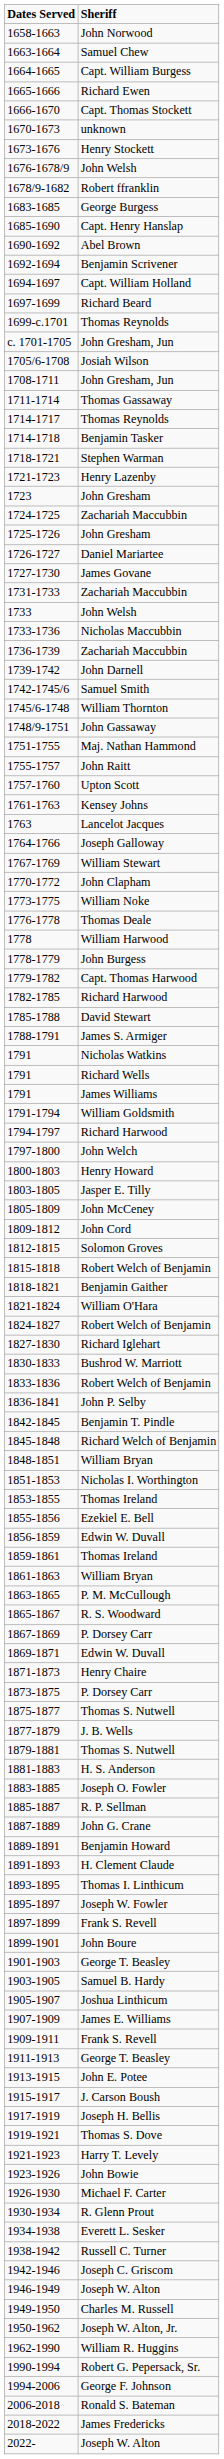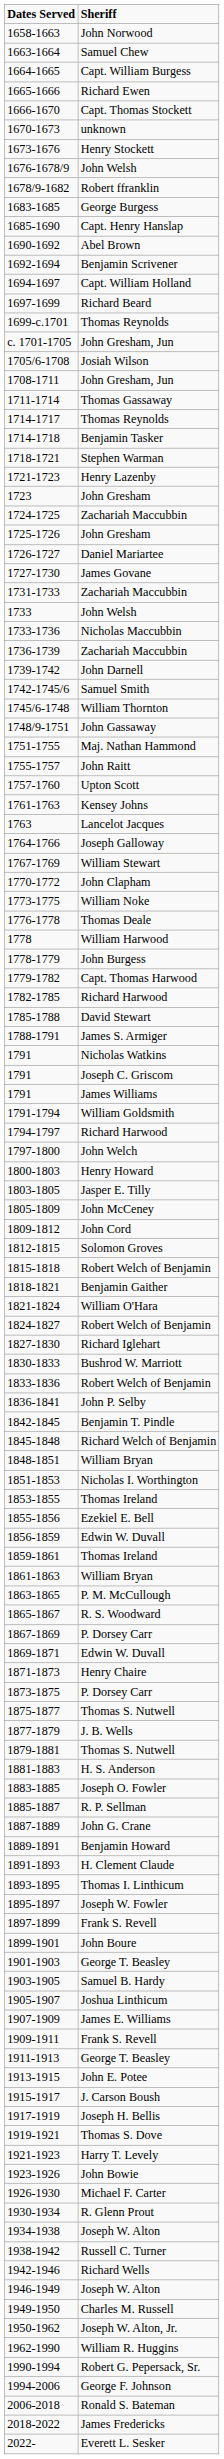 <table class="wikitable">
 <tr>
 <td><strong>Dates Served</strong></td>
 <td><strong>Sheriff</strong></td>
 </tr>
 <tr>
 <td>1658-1663</td>
 <td>John Norwood</td>
 </tr>
 <tr>
 <td>1663-1664</td>
 <td>Samuel Chew</td>
 </tr>
 <tr>
 <td>1664-1665</td>
 <td>Capt. William Burgess</td>
 </tr>
 <tr>
 <td>1665-1666</td>
 <td>Richard Ewen</td>
 </tr>
 <tr>
 <td>1666-1670</td>
 <td>Capt. Thomas Stockett</td>
 </tr>
 <tr>
 <td>1670-1673</td>
 <td>unknown</td>
 </tr>
 <tr>
 <td>1673-1676</td>
 <td>Henry Stockett</td>
 </tr>
 <tr>
 <td>1676-1678/9</td>
 <td>John Welsh</td>
 </tr>
 <tr>
 <td>1678/9-1682</td>
 <td>Robert ffranklin</td>
 </tr>
 <tr>
 <td>1683-1685</td>
 <td>George Burgess</td>
 </tr>
 <tr>
 <td>1685-1690</td>
 <td>Capt. Henry Hanslap</td>
 </tr>
 <tr>
 <td>1690-1692</td>
 <td>Abel Brown</td>
 </tr>
 <tr>
 <td>1692-1694</td>
 <td>Benjamin Scrivener</td>
 </tr>
 <tr>
 <td>1694-1697</td>
 <td>Capt. William Holland</td>
 </tr>
 <tr>
 <td>1697-1699</td>
 <td>Richard Beard</td>
 </tr>
 <tr>
 <td>1699-c.1701</td>
 <td>Thomas Reynolds</td>
 </tr>
 <tr>
 <td>c. 1701-1705</td>
 <td>John Gresham, Jun</td>
 </tr>
 <tr>
 <td>1705/6-1708</td>
 <td>Josiah Wilson</td>
 </tr>
 <tr>
 <td>1708-1711</td>
 <td>John Gresham, Jun</td>
 </tr>
 <tr>
 <td>1711-1714</td>
 <td>Thomas Gassaway</td>
 </tr>
 <tr>
 <td>1714-1717</td>
 <td>Thomas Reynolds</td>
 </tr>
 <tr>
 <td>1714-1718</td>
 <td>Benjamin Tasker</td>
 </tr>
 <tr>
 <td>1718-1721</td>
 <td>Stephen Warman</td>
 </tr>
 <tr>
 <td>1721-1723</td>
 <td>Henry Lazenby</td>
 </tr>
 <tr>
 <td>1723</td>
 <td>John Gresham</td>
 </tr>
 <tr>
 <td>1724-1725</td>
 <td>Zachariah Maccubbin</td>
 </tr>
 <tr>
 <td>1725-1726</td>
 <td>John Gresham</td>
 </tr>
 <tr>
 <td>1726-1727</td>
 <td>Daniel Mariartee</td>
 </tr>
 <tr>
 <td>1727-1730</td>
 <td>James Govane</td>
 </tr>
 <tr>
 <td>1731-1733</td>
 <td>Zachariah Maccubbin</td>
 </tr>
 <tr>
 <td>1733</td>
 <td>John Welsh</td>
 </tr>
 <tr>
 <td>1733-1736</td>
 <td>Nicholas Maccubbin</td>
 </tr>
 <tr>
 <td>1736-1739</td>
 <td>Zachariah Maccubbin</td>
 </tr>
 <tr>
 <td>1739-1742</td>
 <td>John Darnell</td>
 </tr>
 <tr>
 <td>1742-1745/6</td>
 <td>Samuel Smith</td>
 </tr>
 <tr>
 <td>1745/6-1748</td>
 <td>William Thornton</td>
 </tr>
 <tr>
 <td>1748/9-1751</td>
 <td>John Gassaway</td>
 </tr>
 <tr>
 <td>1751-1755</td>
 <td>Maj. Nathan Hammond</td>
 </tr>
 <tr>
 <td>1755-1757</td>
 <td>John Raitt</td>
 </tr>
 <tr>
 <td>1757-1760</td>
 <td>Upton Scott</td>
 </tr>
 <tr>
 <td>1761-1763</td>
 <td>Kensey Johns</td>
 </tr>
 <tr>
 <td>1763</td>
 <td>Lancelot Jacques</td>
 </tr>
 <tr>
 <td>1764-1766</td>
 <td>Joseph Galloway</td>
 </tr>
 <tr>
 <td>1767-1769</td>
 <td>William Stewart</td>
 </tr>
 <tr>
 <td>1770-1772</td>
 <td>John Clapham</td>
 </tr>
 <tr>
 <td>1773-1775</td>
 <td>William Noke</td>
 </tr>
 <tr>
 <td>1776-1778</td>
 <td>Thomas Deale</td>
 </tr>
 <tr>
 <td>1778</td>
 <td>William Harwood</td>
 </tr>
 <tr>
 <td>1778-1779</td>
 <td>John Burgess</td>
 </tr>
 <tr>
 <td>1779-1782</td>
 <td>Capt. Thomas Harwood</td>
 </tr>
 <tr>
 <td>1782-1785</td>
 <td>Richard Harwood</td>
 </tr>
 <tr>
 <td>1785-1788</td>
 <td>David Stewart</td>
 </tr>
 <tr>
 <td>1788-1791</td>
 <td>James S. Armiger</td>
 </tr>
 <tr>
 <td>1791</td>
 <td>Nicholas Watkins</td>
 </tr>
 <tr>
 <td>1791</td>
-<td>Richard Wells</td>
+<td>Joseph C. Griscom</td>
 </tr>
 <tr>
 <td>1791</td>
 <td>James Williams</td>
 </tr>
 <tr>
 <td>1791-1794</td>
 <td>William Goldsmith</td>
 </tr>
 <tr>
 <td>1794-1797</td>
 <td>Richard Harwood</td>
 </tr>
 <tr>
 <td>1797-1800</td>
 <td>John Welch</td>
 </tr>
 <tr>
 <td>1800-1803</td>
 <td>Henry Howard</td>
 </tr>
 <tr>
 <td>1803-1805</td>
 <td>Jasper E. Tilly</td>
 </tr>
 <tr>
 <td>1805-1809</td>
 <td>John McCeney</td>
 </tr>
 <tr>
 <td>1809-1812</td>
 <td>John Cord</td>
 </tr>
 <tr>
 <td>1812-1815</td>
 <td>Solomon Groves</td>
 </tr>
 <tr>
 <td>1815-1818</td>
 <td>Robert Welch of Benjamin</td>
 </tr>
 <tr>
 <td>1818-1821</td>
 <td>Benjamin Gaither</td>
 </tr>
 <tr>
 <td>1821-1824</td>
 <td>William O'Hara</td>
 </tr>
 <tr>
 <td>1824-1827</td>
 <td>Robert Welch of Benjamin</td>
 </tr>
 <tr>
 <td>1827-1830</td>
 <td>Richard Iglehart</td>
 </tr>
 <tr>
 <td>1830-1833</td>
 <td>Bushrod W. Marriott</td>
 </tr>
 <tr>
 <td>1833-1836</td>
 <td>Robert Welch of Benjamin</td>
 </tr>
 <tr>
 <td>1836-1841</td>
 <td>John P. Selby</td>
 </tr>
 <tr>
 <td>1842-1845</td>
 <td>Benjamin T. Pindle</td>
 </tr>
 <tr>
 <td>1845-1848</td>
 <td>Richard Welch of Benjamin</td>
 </tr>
 <tr>
 <td>1848-1851</td>
 <td>William Bryan</td>
 </tr>
 <tr>
 <td>1851-1853</td>
 <td>Nicholas I. Worthington</td>
 </tr>
 <tr>
 <td>1853-1855</td>
 <td>Thomas Ireland</td>
 </tr>
 <tr>
 <td>1855-1856</td>
 <td>Ezekiel E. Bell</td>
 </tr>
 <tr>
 <td>1856-1859</td>
 <td>Edwin W. Duvall</td>
 </tr>
 <tr>
 <td>1859-1861</td>
 <td>Thomas Ireland</td>
 </tr>
 <tr>
 <td>1861-1863</td>
 <td>William Bryan</td>
 </tr>
 <tr>
 <td>1863-1865</td>
 <td>P. M. McCullough</td>
 </tr>
 <tr>
 <td>1865-1867</td>
 <td>R. S. Woodward</td>
 </tr>
 <tr>
 <td>1867-1869</td>
 <td>P. Dorsey Carr</td>
 </tr>
 <tr>
 <td>1869-1871</td>
 <td>Edwin W. Duvall</td>
 </tr>
 <tr>
 <td>1871-1873</td>
 <td>Henry Chaire</td>
 </tr>
 <tr>
 <td>1873-1875</td>
 <td>P. Dorsey Carr</td>
 </tr>
 <tr>
 <td>1875-1877</td>
 <td>Thomas S. Nutwell</td>
 </tr>
 <tr>
 <td>1877-1879</td>
 <td>J. B. Wells</td>
 </tr>
 <tr>
 <td>1879-1881</td>
 <td>Thomas S. Nutwell</td>
 </tr>
 <tr>
 <td>1881-1883</td>
 <td>H. S. Anderson</td>
 </tr>
 <tr>
 <td>1883-1885</td>
 <td>Joseph O. Fowler</td>
 </tr>
 <tr>
 <td>1885-1887</td>
 <td>R. P. Sellman</td>
 </tr>
 <tr>
 <td>1887-1889</td>
 <td>John G. Crane</td>
 </tr>
 <tr>
 <td>1889-1891</td>
 <td>Benjamin Howard</td>
 </tr>
 <tr>
 <td>1891-1893</td>
 <td>H. Clement Claude</td>
 </tr>
 <tr>
 <td>1893-1895</td>
 <td>Thomas I. Linthicum</td>
 </tr>
 <tr>
 <td>1895-1897</td>
 <td>Joseph W. Fowler</td>
 </tr>
 <tr>
 <td>1897-1899</td>
 <td>Frank S. Revell</td>
 </tr>
 <tr>
 <td>1899-1901</td>
 <td>John Boure</td>
 </tr>
 <tr>
 <td>1901-1903</td>
 <td>George T. Beasley</td>
 </tr>
 <tr>
 <td>1903-1905</td>
 <td>Samuel B. Hardy</td>
 </tr>
 <tr>
 <td>1905-1907</td>
 <td>Joshua Linthicum</td>
 </tr>
 <tr>
 <td>1907-1909</td>
 <td>James E. Williams</td>
 </tr>
 <tr>
 <td>1909-1911</td>
 <td>Frank S. Revell</td>
 </tr>
 <tr>
 <td>1911-1913</td>
 <td>George T. Beasley</td>
 </tr>
 <tr>
 <td>1913-1915</td>
 <td>John E. Potee</td>
 </tr>
 <tr>
 <td>1915-1917</td>
 <td>J. Carson Boush</td>
 </tr>
 <tr>
 <td>1917-1919</td>
 <td>Joseph H. Bellis</td>
 </tr>
 <tr>
 <td>1919-1921</td>
 <td>Thomas S. Dove</td>
 </tr>
 <tr>
 <td>1921-1923</td>
 <td>Harry T. Levely</td>
 </tr>
 <tr>
 <td>1923-1926</td>
 <td>John Bowie</td>
 </tr>
 <tr>
 <td>1926-1930</td>
 <td>Michael F. Carter</td>
 </tr>
 <tr>
 <td>1930-1934</td>
 <td>R. Glenn Prout</td>
 </tr>
 <tr>
 <td>1934-1938</td>
-<td>Everett L. Sesker</td>
+<td>Joseph W. Alton</td>
 </tr>
 <tr>
 <td>1938-1942</td>
 <td>Russell C. Turner</td>
 </tr>
 <tr>
 <td>1942-1946</td>
-<td>Joseph C. Griscom</td>
+<td>Richard Wells</td>
 </tr>
 <tr>
 <td>1946-1949</td>
 <td>Joseph W. Alton</td>
 </tr>
 <tr>
 <td>1949-1950</td>
 <td>Charles M. Russell</td>
 </tr>
 <tr>
 <td>1950-1962</td>
 <td>Joseph W. Alton, Jr.</td>
 </tr>
 <tr>
 <td>1962-1990</td>
 <td>William R. Huggins</td>
 </tr>
 <tr>
 <td>1990-1994</td>
 <td>Robert G. Pepersack, Sr.</td>
 </tr>
 <tr>
 <td>1994-2006</td>
 <td>George F. Johnson</td>
 </tr>
 <tr>
 <td>2006-2018</td>
 <td>Ronald S. Bateman</td>
 </tr>
 <tr>
 <td>2018-2022</td>
 <td>James Fredericks</td>
 </tr>
 <tr>
 <td>2022-</td>
-<td>Joseph W. Alton</td>
+<td>Everett L. Sesker</td>
 </tr>
 </table>
